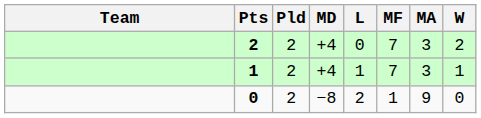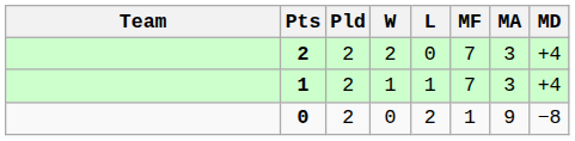 <table class=wikitable style="text-align:center">
 <tr>
 <th width=175>Team</th>
 <th width=20>Pts</th>
 <th width=20>Pld</th>
-<th width=20>MD</th>
+<th width=20>W</th>
 <th width=20>L</th>
 <th width=20>MF</th>
 <th width=20>MA</th>
-<th width=20>W</th>
+<th width=20>MD</th>
 </tr>
 <tr bgcolor=#ccffcc>
 <td align=left></td>
 <td><strong>2</strong></td>
 <td>2</td>
-<td>+4</td>
+<td>2</td>
 <td>0</td>
 <td>7</td>
 <td>3</td>
-<td>2</td>
+<td>+4</td>
 </tr>
 <tr bgcolor=#ccffcc>
 <td align=left></td>
 <td><strong>1</strong></td>
 <td>2</td>
-<td>+4</td>
+<td>1</td>
 <td>1</td>
 <td>7</td>
 <td>3</td>
-<td>1</td>
+<td>+4</td>
 </tr>
 <tr>
 <td align=left></td>
 <td><strong>0</strong></td>
 <td>2</td>
-<td>−8</td>
+<td>0</td>
 <td>2</td>
 <td>1</td>
 <td>9</td>
-<td>0</td>
+<td>−8</td>
 </tr>
 </table>
